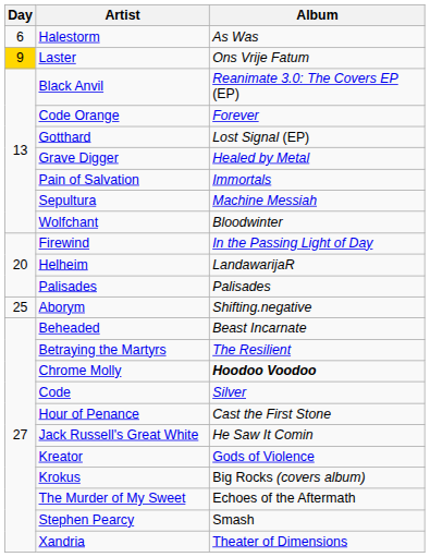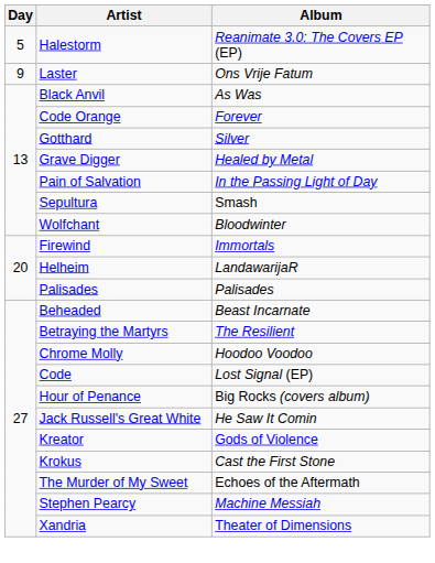 <table class="wikitable">
 <tr>
 <th style="width:20px;">Day</th>
 <th style="width:200px;">Artist</th>
 <th style="width:250px;">Album</th>
 </tr>
 <tr>
-<td style="text-align:center;">6</td>
+<td style="text-align:center;">5</td>
 <td><a href='#'>Halestorm</a></td>
-<td><em>As Was</em></td>
+<td><em><a href='#'>Reanimate 3.0: The Covers EP</a></em> (EP)</td>
 </tr>
 <tr>
-<td style="background: gold; text-align:center;">9</td>
+<td style="text-align:center;">9</td>
 <td><a href='#'>Laster</a></td>
 <td><em>Ons Vrije Fatum</em></td>
 </tr>
 <tr>
 <td rowspan="7" style="text-align:center;">13</td>
 <td><a href='#'>Black Anvil</a></td>
-<td><em><a href='#'>Reanimate 3.0: The Covers EP</a></em> (EP)</td>
+<td><em>As Was</em></td>
 </tr>
 <tr>
 <td><a href='#'>Code Orange</a></td>
 <td><em><a href='#'>Forever</a></em></td>
 </tr>
 <tr>
 <td><a href='#'>Gotthard</a></td>
-<td><em>Lost Signal</em> (EP)</td>
+<td><em><a href='#'>Silver</a></em></td>
 </tr>
 <tr>
 <td><a href='#'>Grave Digger</a></td>
 <td><em><a href='#'>Healed by Metal</a></em></td>
 </tr>
 <tr>
 <td><a href='#'>Pain of Salvation</a></td>
-<td><em><a href='#'>Immortals</a></em></td>
+<td><em><a href='#'>In the Passing Light of Day</a></em></td>
 </tr>
 <tr>
 <td><a href='#'>Sepultura</a></td>
-<td><em><a href='#'>Machine Messiah</a></em></td>
+<td></em>Smash<em></td>
 </tr>
 <tr>
 <td><a href='#'>Wolfchant</a></td>
 <td><em>Bloodwinter</em></td>
 </tr>
 <tr>
 <td style="text-align:center;" rowspan="3">20</td>
 <td><a href='#'>Firewind</a></td>
-<td><em><a href='#'>In the Passing Light of Day</a></em></td>
+<td><em><a href='#'>Immortals</a></em></td>
 </tr>
 <tr>
 <td><a href='#'>Helheim</a></td>
 <td><em>LandawarijaR</em></td>
 </tr>
 <tr>
 <td><a href='#'>Palisades</a></td>
 <td><em>Palisades</em></td>
-</tr>
-<tr>
-<td style="text-align:center;">25</td>
-<td><a href='#'>Aborym</a></td>
-<td><em>Shifting.negative</em></td>
 </tr>
 <tr>
 <td style="text-align:center;" rowspan="11">27</td>
 <td><a href='#'>Beheaded</a></td>
 <td><em>Beast Incarnate</em></td>
 </tr>
 <tr>
 <td><a href='#'>Betraying the Martyrs</a></td>
 <td><em><a href='#'>The Resilient</a></em></td>
 </tr>
 <tr>
 <td><a href='#'>Chrome Molly</a></td>
-<td><strong><em>Hoodoo Voodoo</em></strong></td>
+<td><em>Hoodoo Voodoo</em></td>
 </tr>
 <tr>
 <td><a href='#'>Code</a></td>
-<td><em><a href='#'>Silver</a></em></td>
+<td><em>Lost Signal</em> (EP)</td>
 </tr>
 <tr>
 <td><a href='#'>Hour of Penance</a></td>
-<td><em>Cast the First Stone</em></td>
+<td></em>Big Rocks<em> (covers album)</td>
 </tr>
 <tr>
 <td><a href='#'>Jack Russell's Great White</a></td>
 <td><em>He Saw It Comin<strong></td>
 </tr>
 <tr>
 <td><a href='#'>Kreator</a></td>
 <td></em><a href='#'>Gods of Violence</a><em></td>
 </tr>
 <tr>
 <td><a href='#'>Krokus</a></td>
-<td></em>Big Rocks<em> (covers album)</td>
+<td><em>Cast the First Stone</em></td>
 </tr>
 <tr>
 <td><a href='#'>The Murder of My Sweet</a></td>
 <td></em>Echoes of the Aftermath<em></td>
 </tr>
 <tr>
 <td><a href='#'>Stephen Pearcy</a></td>
-<td></em>Smash<em></td>
+<td><em><a href='#'>Machine Messiah</a></em></td>
 </tr>
 <tr>
 <td><a href='#'>Xandria</a></td>
 <td></em><a href='#'>Theater of Dimensions</a><em></td>
 </tr>
 </table>
